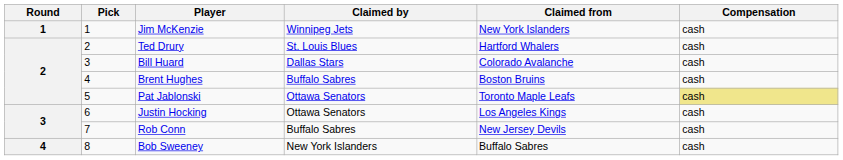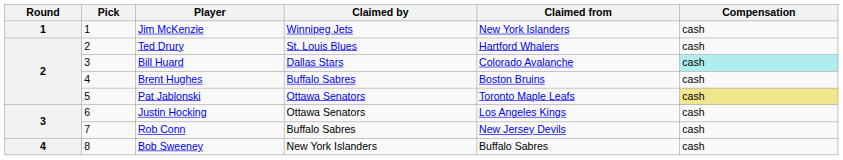 <table class="wikitable" style="width: 100%">
 <tr>
 <th scope="col">Round</th>
 <th scope="col">Pick</th>
 <th scope="col">Player</th>
 <th scope="col">Claimed by</th>
 <th scope="col">Claimed from</th>
 <th scope="col">Compensation</th>
 </tr>
 <tr>
 <th scope="row">1</th>
 <td>1</td>
 <td><a href='#'>Jim McKenzie</a></td>
 <td><a href='#'>Winnipeg Jets</a></td>
 <td><a href='#'>New York Islanders</a></td>
 <td>cash</td>
 </tr>
 <tr>
 <th scope="row" rowspan="4">2</th>
 <td>2</td>
 <td><a href='#'>Ted Drury</a></td>
 <td><a href='#'>St. Louis Blues</a></td>
 <td><a href='#'>Hartford Whalers</a></td>
 <td>cash</td>
 </tr>
 <tr>
 <td>3</td>
 <td><a href='#'>Bill Huard</a></td>
 <td><a href='#'>Dallas Stars</a></td>
 <td><a href='#'>Colorado Avalanche</a></td>
-<td>cash</td>
+<td style="background: paleturquoise;">cash</td>
 </tr>
 <tr>
 <td>4</td>
 <td><a href='#'>Brent Hughes</a></td>
 <td><a href='#'>Buffalo Sabres</a></td>
 <td><a href='#'>Boston Bruins</a></td>
 <td>cash</td>
 </tr>
 <tr>
 <td>5</td>
 <td><a href='#'>Pat Jablonski</a></td>
 <td><a href='#'>Ottawa Senators</a></td>
 <td><a href='#'>Toronto Maple Leafs</a></td>
 <td style="background: khaki;">cash</td>
 </tr>
 <tr>
 <th scope="row" rowspan="2">3</th>
 <td>6</td>
 <td><a href='#'>Justin Hocking</a></td>
 <td>Ottawa Senators</td>
 <td><a href='#'>Los Angeles Kings</a></td>
 <td>cash</td>
 </tr>
 <tr>
 <td>7</td>
 <td><a href='#'>Rob Conn</a></td>
 <td>Buffalo Sabres</td>
 <td><a href='#'>New Jersey Devils</a></td>
 <td>cash</td>
 </tr>
 <tr>
 <th scope="row">4</th>
 <td>8</td>
 <td><a href='#'>Bob Sweeney</a></td>
 <td>New York Islanders</td>
 <td>Buffalo Sabres</td>
 <td>cash</td>
 </tr>
 </table>
